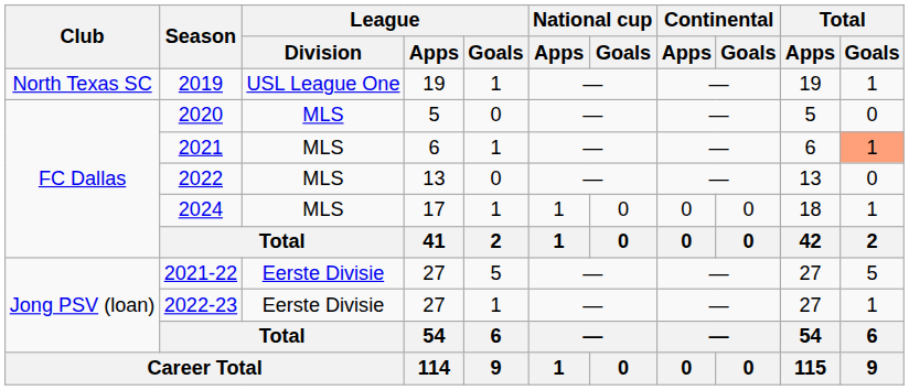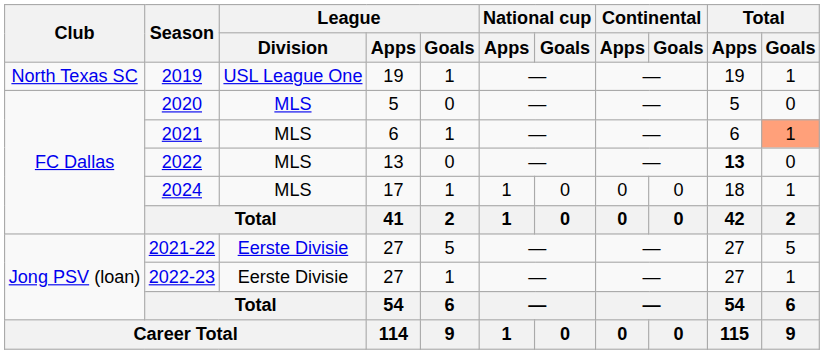 <table class="wikitable" style="text-align: center;">
 <tr>
 <th rowspan="2">Club</th>
 <th rowspan="2">Season</th>
 <th colspan="3">League</th>
 <th colspan="2">National cup</th>
 <th colspan="2">Continental</th>
 <th colspan="2">Total</th>
 </tr>
 <tr>
 <th>Division</th>
 <th>Apps</th>
 <th>Goals</th>
 <th>Apps</th>
 <th>Goals</th>
 <th>Apps</th>
 <th>Goals</th>
 <th>Apps</th>
 <th>Goals</th>
 </tr>
 <tr>
 <td><a href='#'>North Texas SC</a></td>
 <td><a href='#'>2019</a></td>
 <td><a href='#'>USL League One</a></td>
 <td>19</td>
 <td>1</td>
 <td colspan="2">—</td>
 <td colspan="2">—</td>
 <td>19</td>
 <td>1</td>
 </tr>
 <tr>
 <td rowspan="5"><a href='#'>FC Dallas</a></td>
 <td><a href='#'>2020</a></td>
 <td><a href='#'>MLS</a></td>
 <td>5</td>
 <td>0</td>
 <td colspan="2">—</td>
 <td colspan="2">—</td>
 <td>5</td>
 <td>0</td>
 </tr>
 <tr>
 <td><a href='#'>2021</a></td>
 <td>MLS</td>
 <td>6</td>
 <td>1</td>
 <td colspan="2">—</td>
 <td colspan="2">—</td>
 <td>6</td>
 <td style="background: lightsalmon;">1</td>
 </tr>
 <tr>
 <td><a href='#'>2022</a></td>
 <td>MLS</td>
 <td>13</td>
 <td>0</td>
 <td colspan="2">—</td>
 <td colspan="2">—</td>
-<td>13</td>
+<td><strong>13</strong></td>
 <td>0</td>
 </tr>
 <tr>
 <td><a href='#'>2024</a></td>
 <td>MLS</td>
 <td>17</td>
 <td>1</td>
 <td>1</td>
 <td>0</td>
 <td>0</td>
 <td>0</td>
 <td>18</td>
 <td>1</td>
 </tr>
 <tr>
 <th colspan="2">Total</th>
 <th>41</th>
 <th>2</th>
 <th>1</th>
 <th>0</th>
 <th>0</th>
 <th>0</th>
 <th>42</th>
 <th>2</th>
 </tr>
 <tr>
 <td rowspan="3"><a href='#'>Jong PSV</a> (loan)</td>
 <td><a href='#'>2021-22</a></td>
 <td><a href='#'>Eerste Divisie</a></td>
 <td>27</td>
 <td>5</td>
 <td colspan="2">—</td>
 <td colspan="2">—</td>
 <td>27</td>
 <td>5</td>
 </tr>
 <tr>
 <td><a href='#'>2022-23</a></td>
 <td>Eerste Divisie</td>
 <td>27</td>
 <td>1</td>
 <td colspan="2">—</td>
 <td colspan="2">—</td>
 <td>27</td>
 <td>1</td>
 </tr>
 <tr>
 <th colspan="2">Total</th>
 <th>54</th>
 <th>6</th>
 <th colspan="2">—</th>
 <th colspan="2">—</th>
 <th>54</th>
 <th>6</th>
 </tr>
 <tr>
 <th colspan="3">Career Total</th>
 <th>114</th>
 <th>9</th>
 <th>1</th>
 <th>0</th>
 <th>0</th>
 <th>0</th>
 <th>115</th>
 <th>9</th>
 </tr>
 </table>
